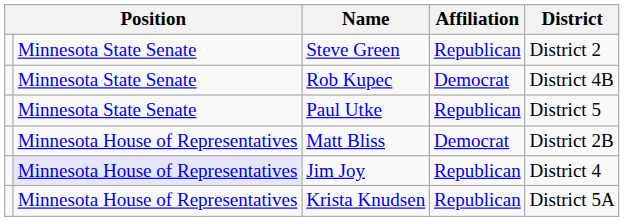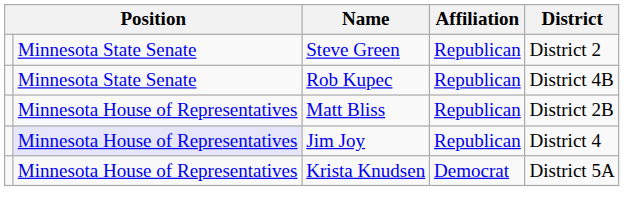 <table class="wikitable">
 <tr>
 <th colspan="2">Position</th>
 <th>Name</th>
 <th>Affiliation</th>
 <th>District</th>
 </tr>
 <tr>
 <td style="background-color:"></td>
 <td><a href='#'>Minnesota State Senate</a></td>
 <td><a href='#'>Steve Green</a></td>
 <td><a href='#'>Republican</a></td>
 <td>District 2</td>
 </tr>
 <tr>
 <td style="background-color:"></td>
 <td><a href='#'>Minnesota State Senate</a></td>
 <td><a href='#'>Rob Kupec</a></td>
-<td><a href='#'>Democrat</a></td>
+<td><a href='#'>Republican</a></td>
 <td>District 4B</td>
-</tr>
-<tr>
-<td style="background-color:"></td>
-<td><a href='#'>Minnesota State Senate</a></td>
-<td><a href='#'>Paul Utke</a></td>
-<td><a href='#'>Republican</a></td>
-<td>District 5</td>
 </tr>
 <tr>
 <td style="background-color:"></td>
 <td><a href='#'>Minnesota House of Representatives</a></td>
 <td><a href='#'>Matt Bliss</a></td>
-<td><a href='#'>Democrat</a></td>
+<td><a href='#'>Republican</a></td>
 <td>District 2B</td>
 </tr>
 <tr>
 <td style="background-color:"></td>
 <td style="background: lavender;"><a href='#'>Minnesota House of Representatives</a></td>
 <td><a href='#'>Jim Joy</a></td>
 <td><a href='#'>Republican</a></td>
 <td>District 4</td>
 </tr>
 <tr>
 <td style="background-color:"></td>
 <td><a href='#'>Minnesota House of Representatives</a></td>
 <td><a href='#'>Krista Knudsen</a></td>
-<td><a href='#'>Republican</a></td>
+<td><a href='#'>Democrat</a></td>
 <td>District 5A</td>
 </tr>
 </table>
